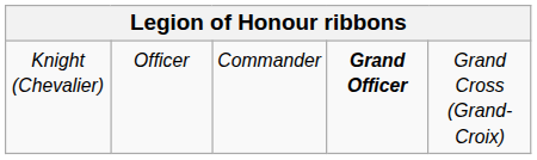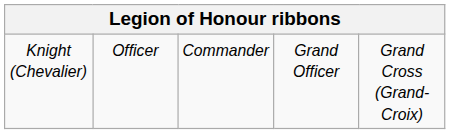 <table class="wikitable left" style="width:60%;">
 <tr>
 <th colspan="5">Legion of Honour ribbons</th>
 </tr>
 <tr>
 <td style="vertical-align:top; width:20%; text-align:center;"><small><em>Knight (Chevalier)</em></small></td>
 <td style="vertical-align:top; width:20%; text-align:center;"><small><em>Officer</em></small></td>
 <td style="vertical-align:top; width:20%; text-align:center;"><small><em>Commander</em></small></td>
-<td style="vertical-align:top; width:20%; text-align:center;"><strong><small><em>Grand Officer</em></small></strong></td>
+<td style="vertical-align:top; width:20%; text-align:center;"><small><em>Grand Officer</em></small></td>
 <td style="vertical-align:top; width:20%; text-align:center;"><small><em>Grand Cross (Grand-Croix)</em></small></td>
 </tr>
 </table>
